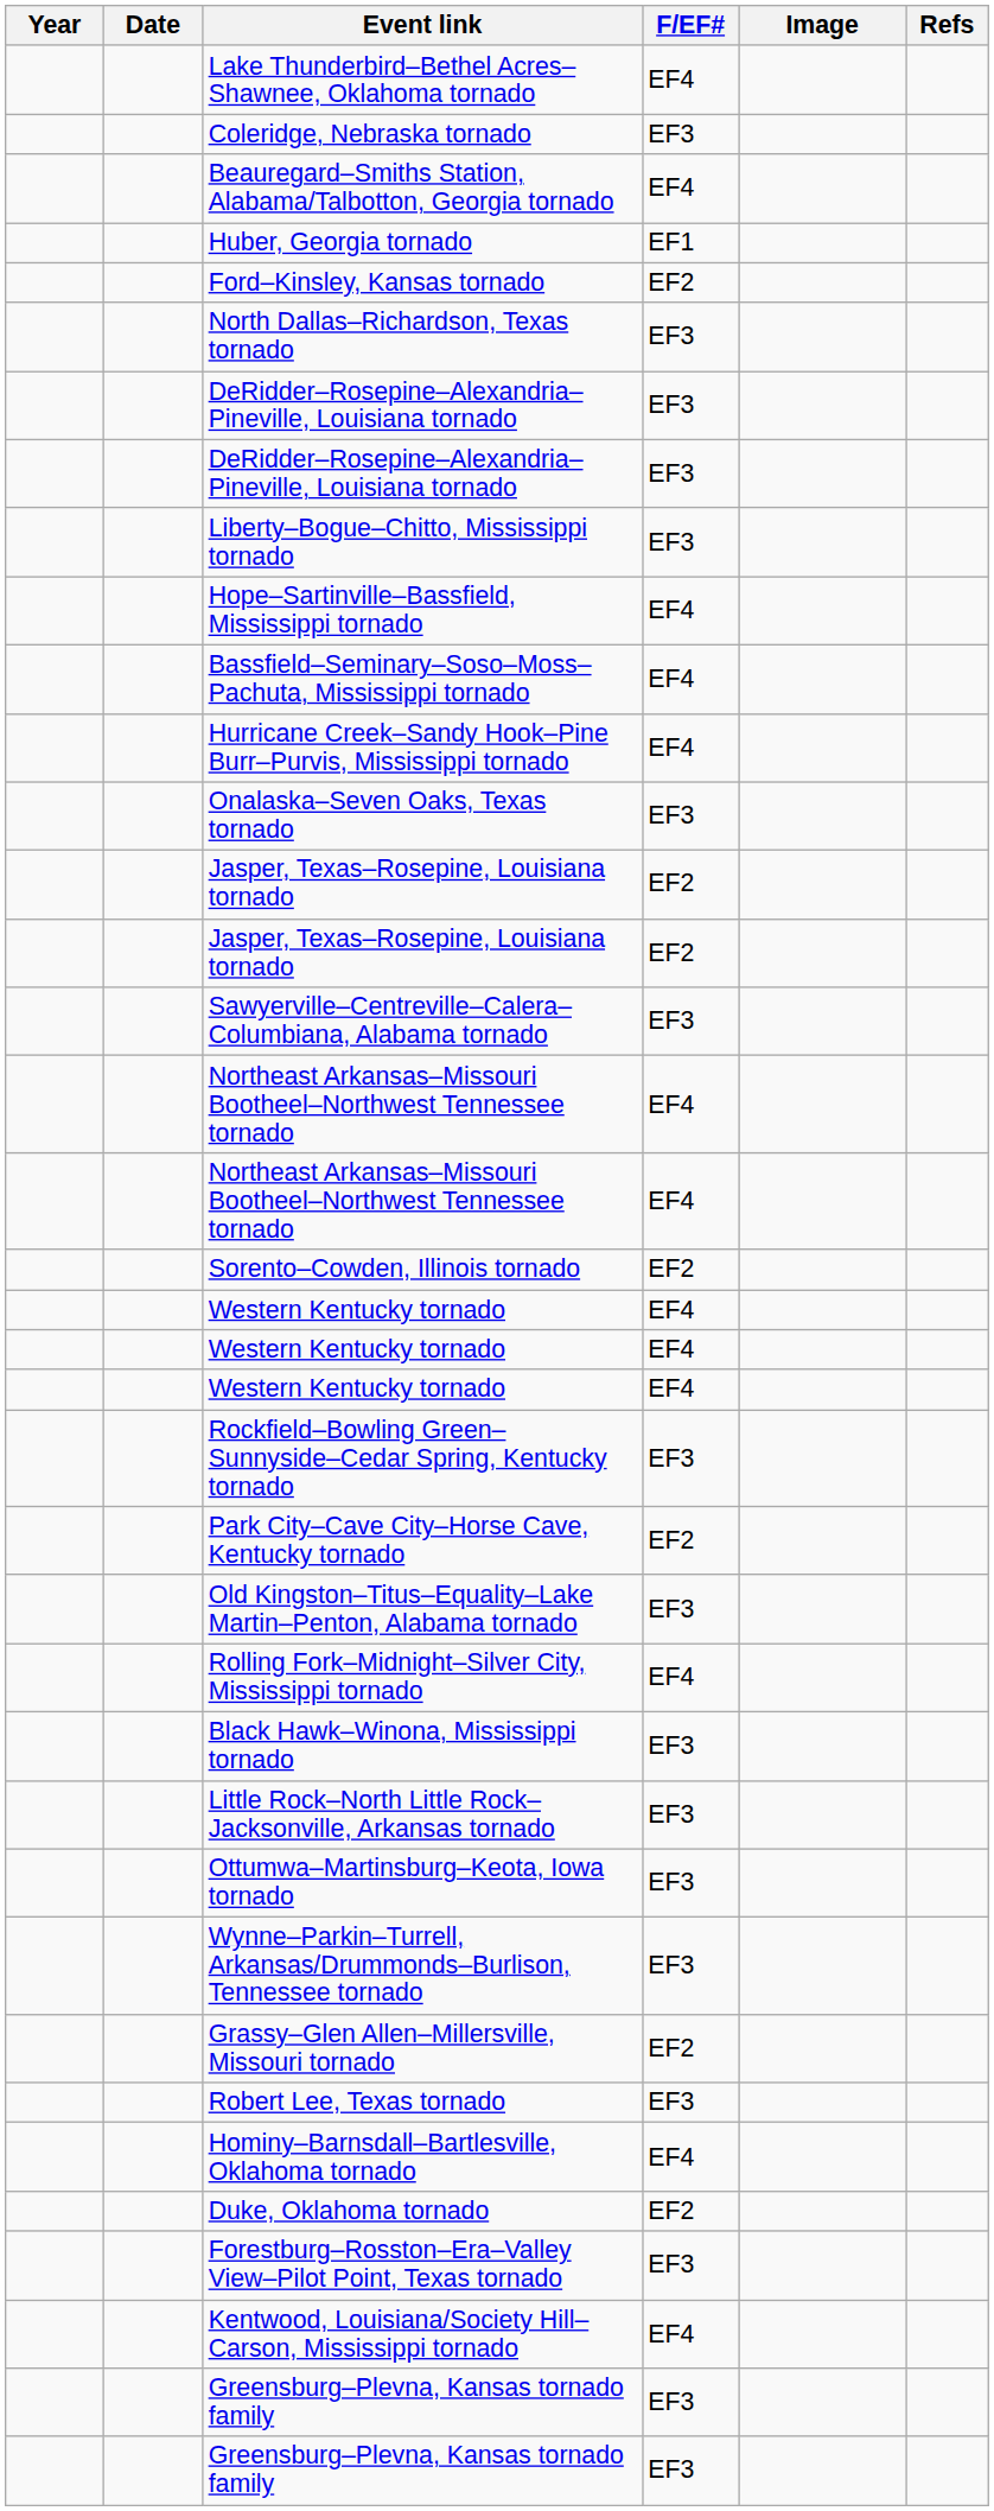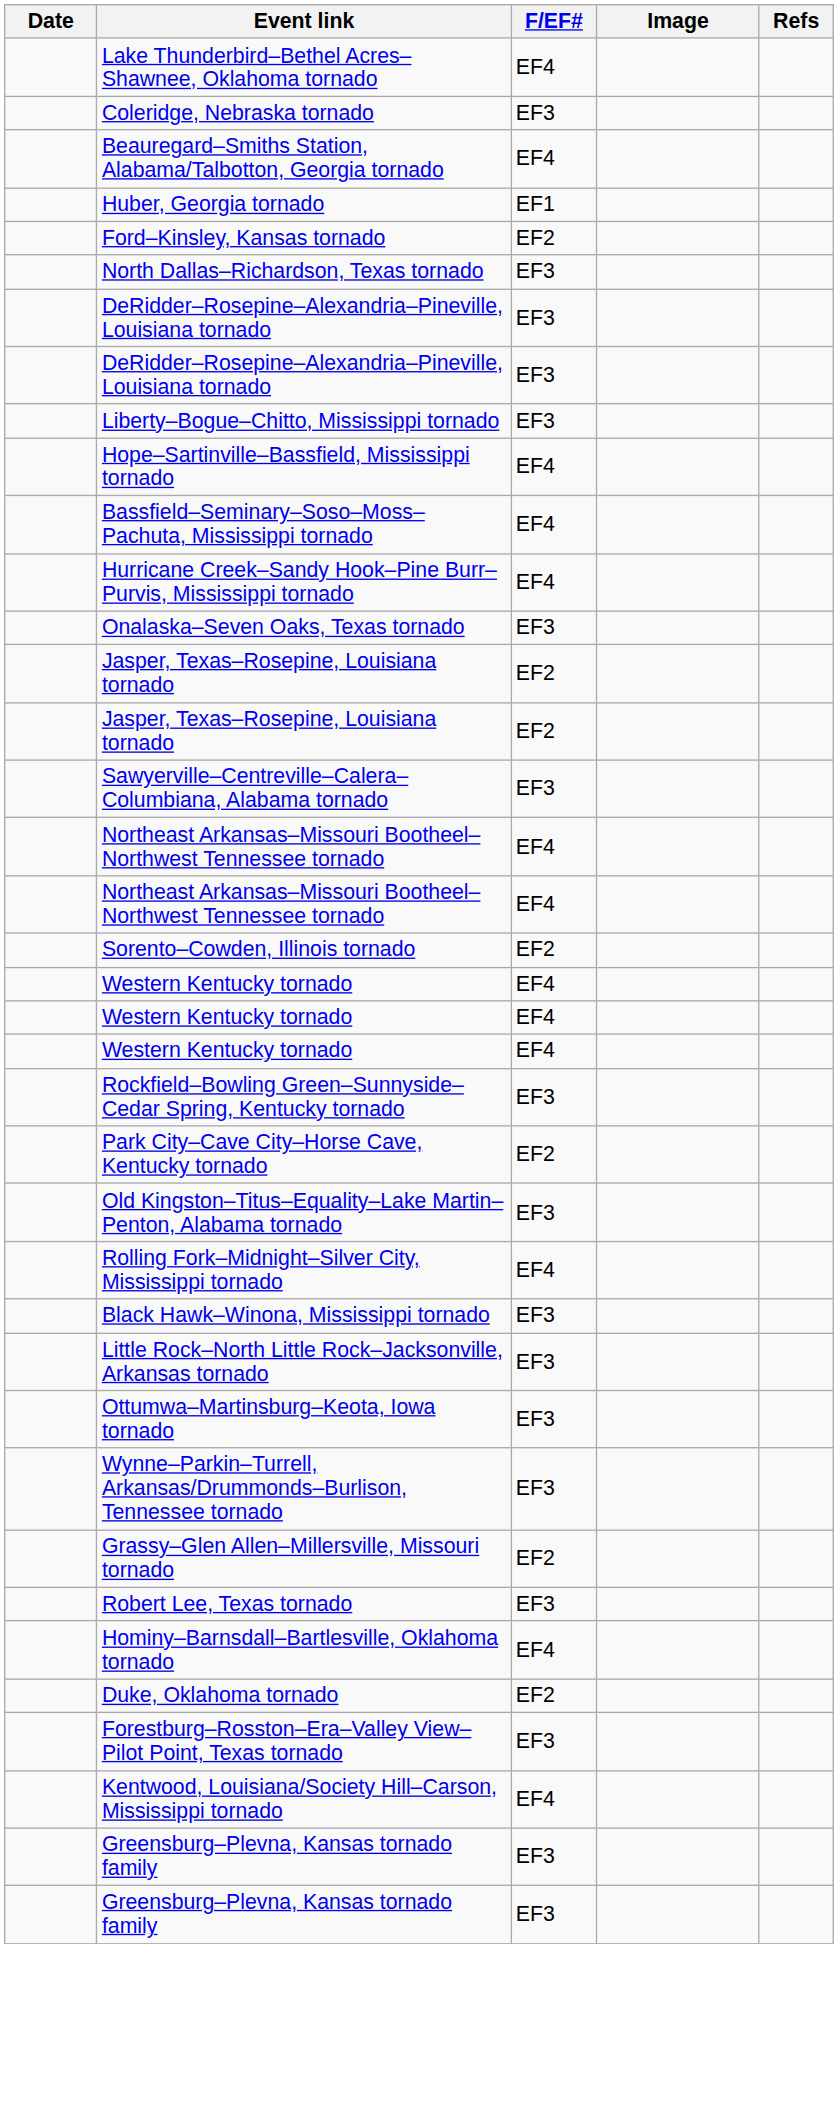 <table class="wikitable sortable" style="width:100%;">
 <tr>
-<th scope="col" width="2%" align="center">Year</th>
 <th scope="col" width="2%" align="center">Date</th>
 <th scope="col" width="10%" align="center" class="unsortable">Event link</th>
 <th scope="col" width="1%" align="center"><a href='#'>F/EF#</a></th>
 <th scope="col" width="5%" align="center" class="unsortable">Image</th>
 <th scope="col" width="1%" align="center">Refs</th>
 </tr>
 <tr id="2013">
 <td></td>
-<td></td>
 <td><a href='#'>Lake Thunderbird–Bethel Acres–Shawnee, Oklahoma tornado</a></td>
 <td>EF4</td>
 <td></td>
 <td></td>
 </tr>
 <tr>
-<td></td>
 <td></td>
 <td><a href='#'>Coleridge, Nebraska tornado</a></td>
 <td>EF3</td>
 <td></td>
 <td></td>
 </tr>
 <tr id="2019">
 <td></td>
-<td></td>
 <td><a href='#'>Beauregard–Smiths Station, Alabama/Talbotton, Georgia tornado</a></td>
 <td>EF4</td>
 <td></td>
 <td></td>
 </tr>
 <tr>
-<td></td>
 <td></td>
 <td><a href='#'>Huber, Georgia tornado</a></td>
 <td>EF1</td>
 <td></td>
 <td></td>
 </tr>
 <tr>
 <td></td>
-<td></td>
 <td><a href='#'>Ford–Kinsley, Kansas tornado</a></td>
 <td>EF2</td>
 <td></td>
 <td></td>
 </tr>
 <tr>
-<td></td>
 <td></td>
 <td><a href='#'>North Dallas–Richardson, Texas tornado</a></td>
 <td>EF3</td>
 <td></td>
 <td></td>
 </tr>
 <tr>
 <td></td>
+<td><a href='#'>DeRidder–Rosepine–Alexandria–Pineville, Louisiana tornado</a></td>
+<td>EF3</td>
+<td></td>
+<td></td>
+</tr>
+<tr>
 <td></td>
 <td><a href='#'>DeRidder–Rosepine–Alexandria–Pineville, Louisiana tornado</a></td>
 <td>EF3</td>
 <td></td>
 <td></td>
 </tr>
 <tr>
 <td></td>
-<td></td>
-<td><a href='#'>DeRidder–Rosepine–Alexandria–Pineville, Louisiana tornado</a></td>
-<td>EF3</td>
-<td></td>
-<td></td>
-</tr>
-<tr>
-<td></td>
-<td></td>
 <td><a href='#'>Liberty–Bogue–Chitto, Mississippi tornado</a></td>
 <td>EF3</td>
 <td></td>
 <td></td>
 </tr>
 <tr>
-<td></td>
 <td></td>
 <td><a href='#'>Hope–Sartinville–Bassfield, Mississippi tornado</a></td>
 <td>EF4</td>
 <td></td>
 <td></td>
 </tr>
 <tr>
 <td></td>
-<td></td>
 <td><a href='#'>Bassfield–Seminary–Soso–Moss–Pachuta, Mississippi tornado</a></td>
 <td>EF4</td>
 <td></td>
 <td></td>
 </tr>
 <tr>
-<td></td>
 <td></td>
 <td><a href='#'>Hurricane Creek–Sandy Hook–Pine Burr–Purvis, Mississippi tornado</a></td>
 <td>EF4</td>
 <td></td>
 <td></td>
 </tr>
 <tr>
 <td></td>
-<td></td>
 <td><a href='#'>Onalaska–Seven Oaks, Texas tornado</a></td>
 <td>EF3</td>
 <td></td>
 <td></td>
 </tr>
 <tr>
-<td></td>
 <td></td>
 <td><a href='#'>Jasper, Texas–Rosepine, Louisiana tornado</a></td>
 <td>EF2</td>
 <td></td>
 <td></td>
 </tr>
 <tr>
 <td></td>
-<td></td>
 <td><a href='#'>Jasper, Texas–Rosepine, Louisiana tornado</a></td>
 <td>EF2</td>
 <td></td>
 <td></td>
 </tr>
 <tr id="2021">
-<td></td>
 <td></td>
 <td><a href='#'>Sawyerville–Centreville–Calera–Columbiana, Alabama tornado</a></td>
 <td>EF3</td>
 <td></td>
 <td></td>
 </tr>
 <tr>
 <td></td>
+<td><a href='#'>Northeast Arkansas–Missouri Bootheel–Northwest Tennessee tornado</a></td>
+<td>EF4</td>
+<td></td>
+<td></td>
+</tr>
+<tr>
 <td></td>
 <td><a href='#'>Northeast Arkansas–Missouri Bootheel–Northwest Tennessee tornado</a></td>
 <td>EF4</td>
 <td></td>
 <td></td>
 </tr>
 <tr>
 <td></td>
-<td></td>
-<td><a href='#'>Northeast Arkansas–Missouri Bootheel–Northwest Tennessee tornado</a></td>
-<td>EF4</td>
-<td></td>
-<td></td>
-</tr>
-<tr>
-<td></td>
-<td></td>
 <td><a href='#'>Sorento–Cowden, Illinois tornado</a></td>
 <td>EF2</td>
 <td></td>
 <td></td>
 </tr>
 <tr>
-<td></td>
 <td></td>
 <td><a href='#'>Western Kentucky tornado</a></td>
 <td>EF4</td>
 <td></td>
 <td></td>
 </tr>
 <tr>
 <td></td>
+<td><a href='#'>Western Kentucky tornado</a></td>
+<td>EF4</td>
+<td></td>
+<td></td>
+</tr>
+<tr>
 <td></td>
 <td><a href='#'>Western Kentucky tornado</a></td>
 <td>EF4</td>
 <td></td>
 <td></td>
 </tr>
 <tr>
 <td></td>
-<td></td>
-<td><a href='#'>Western Kentucky tornado</a></td>
-<td>EF4</td>
-<td></td>
-<td></td>
-</tr>
-<tr>
-<td></td>
-<td></td>
 <td><a href='#'>Rockfield–Bowling Green–Sunnyside–Cedar Spring, Kentucky tornado</a></td>
 <td>EF3</td>
 <td></td>
 <td></td>
 </tr>
 <tr>
-<td></td>
 <td></td>
 <td><a href='#'>Park City–Cave City–Horse Cave, Kentucky tornado</a></td>
 <td>EF2</td>
 <td></td>
 <td></td>
 </tr>
 <tr id="2023">
 <td></td>
-<td></td>
 <td><a href='#'>Old Kingston–Titus–Equality–Lake Martin–Penton, Alabama tornado</a></td>
 <td>EF3</td>
 <td></td>
 <td></td>
 </tr>
 <tr>
-<td></td>
 <td></td>
 <td><a href='#'>Rolling Fork–Midnight–Silver City, Mississippi tornado</a></td>
 <td>EF4</td>
 <td></td>
 <td></td>
 </tr>
 <tr>
 <td></td>
-<td></td>
 <td><a href='#'>Black Hawk–Winona, Mississippi tornado</a></td>
 <td>EF3</td>
 <td></td>
 <td></td>
 </tr>
 <tr>
-<td></td>
 <td></td>
 <td><a href='#'>Little Rock–North Little Rock–Jacksonville, Arkansas tornado</a></td>
 <td>EF3</td>
 <td></td>
 <td></td>
 </tr>
 <tr>
 <td></td>
-<td></td>
 <td><a href='#'>Ottumwa–Martinsburg–Keota, Iowa tornado</a></td>
 <td>EF3</td>
 <td></td>
 <td></td>
 </tr>
 <tr>
-<td></td>
 <td></td>
 <td><a href='#'>Wynne–Parkin–Turrell, Arkansas/Drummonds–Burlison, Tennessee tornado</a></td>
 <td>EF3</td>
 <td></td>
 <td></td>
 </tr>
 <tr>
 <td></td>
-<td></td>
 <td><a href='#'>Grassy–Glen Allen–Millersville, Missouri tornado</a></td>
 <td>EF2</td>
 <td></td>
 <td></td>
 </tr>
 <tr id="2024">
-<td></td>
 <td></td>
 <td><a href='#'>Robert Lee, Texas tornado</a></td>
 <td>EF3</td>
 <td></td>
 <td></td>
 </tr>
 <tr id="2024">
 <td></td>
-<td></td>
 <td><a href='#'>Hominy–Barnsdall–Bartlesville, Oklahoma tornado</a></td>
 <td>EF4</td>
 <td></td>
 <td></td>
 </tr>
 <tr>
-<td></td>
 <td></td>
 <td><a href='#'>Duke, Oklahoma tornado</a></td>
 <td>EF2</td>
 <td></td>
 <td></td>
 </tr>
 <tr>
 <td></td>
-<td></td>
 <td><a href='#'>Forestburg–Rosston–Era–Valley View–Pilot Point, Texas tornado</a></td>
 <td>EF3</td>
 <td></td>
 <td></td>
 </tr>
 <tr id="2025">
-<td></td>
 <td></td>
 <td><a href='#'>Kentwood, Louisiana/Society Hill–Carson, Mississippi tornado</a></td>
 <td>EF4</td>
 <td></td>
 <td></td>
 </tr>
 <tr>
 <td></td>
-<td></td>
 <td><a href='#'>Greensburg–Plevna, Kansas tornado family</a></td>
 <td>EF3</td>
 <td></td>
 <td></td>
 </tr>
 <tr>
 <td></td>
-<td></td>
 <td><a href='#'>Greensburg–Plevna, Kansas tornado family</a></td>
 <td>EF3</td>
 <td></td>
 <td></td>
 </tr>
 </table>
